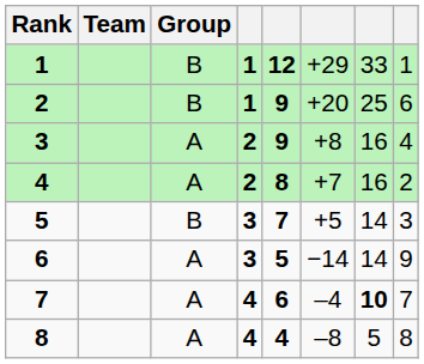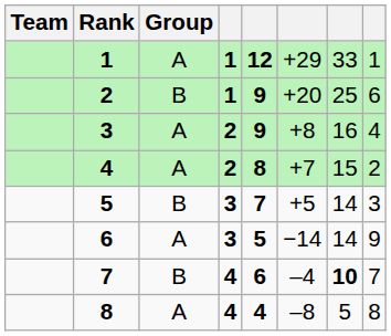 <table class="wikitable sortable" style="text-align:center;">
 <tr>
+<th>Team</th>
 <th>Rank</th>
-<th>Team</th>
 <th>Group</th>
 <th></th>
 <th></th>
 <th></th>
 <th></th>
 <th></th>
 </tr>
 <tr style="background-color:#BBF3BB;">
+<td align=left></td>
 <td><strong>1</strong></td>
-<td align=left></td>
-<td>B</td>
+<td>A</td>
 <td><strong>1</strong></td>
 <td><strong>12</strong></td>
 <td>+29</td>
 <td>33</td>
 <td>1</td>
 </tr>
 <tr style="background-color:#BBF3BB;">
+<td align=left></td>
 <td><strong>2</strong></td>
-<td align=left></td>
 <td>B</td>
 <td><strong>1</strong></td>
 <td><strong>9</strong></td>
 <td>+20</td>
 <td>25</td>
 <td>6</td>
 </tr>
 <tr style="background-color:#BBF3BB;">
+<td align=left></td>
 <td><strong>3</strong></td>
-<td align=left></td>
 <td>A</td>
 <td><strong>2</strong></td>
 <td><strong>9</strong></td>
 <td>+8</td>
 <td>16</td>
 <td>4</td>
 </tr>
 <tr style="background-color:#BBF3BB;">
+<td align=left></td>
 <td><strong>4</strong></td>
-<td align=left></td>
 <td>A</td>
 <td><strong>2</strong></td>
 <td><strong>8</strong></td>
 <td>+7</td>
-<td>16</td>
+<td>15</td>
 <td>2</td>
 </tr>
 <tr>
+<td align=left></td>
 <td><strong>5</strong></td>
-<td align=left></td>
 <td>B</td>
 <td><strong>3</strong></td>
 <td><strong>7</strong></td>
 <td>+5</td>
 <td>14</td>
 <td>3</td>
 </tr>
 <tr>
+<td align=left></td>
 <td><strong>6</strong></td>
-<td align=left></td>
 <td>A</td>
 <td><strong>3</strong></td>
 <td><strong>5</strong></td>
 <td>−14</td>
 <td>14</td>
 <td>9</td>
 </tr>
 <tr>
+<td align=left></td>
 <td><strong>7</strong></td>
-<td align=left></td>
-<td>A</td>
+<td>B</td>
 <td><strong>4</strong></td>
 <td><strong>6</strong></td>
 <td>–4</td>
 <td><strong>10</strong></td>
 <td>7</td>
 </tr>
 <tr>
+<td align=left></td>
 <td><strong>8</strong></td>
-<td align=left></td>
 <td>A</td>
 <td><strong>4</strong></td>
 <td><strong>4</strong></td>
 <td>–8</td>
 <td>5</td>
 <td>8</td>
 </tr>
 </table>
